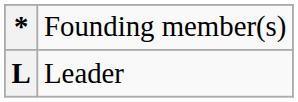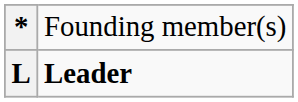 <table class="wikitable">
 <tr>
 <th>*</th>
 <td>Founding member(s)</td>
 </tr>
 <tr>
 <th>L</th>
-<td>Leader</td>
+<td><strong>Leader</strong></td>
 </tr>
 </table>
